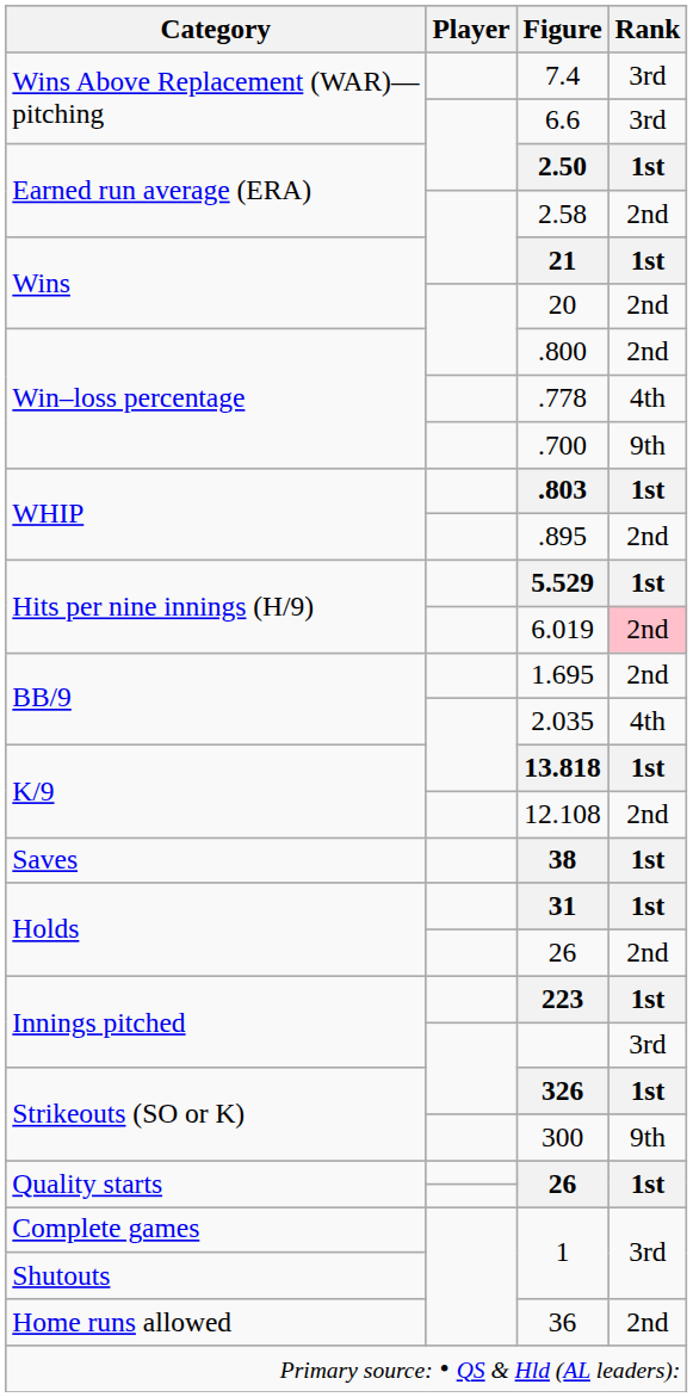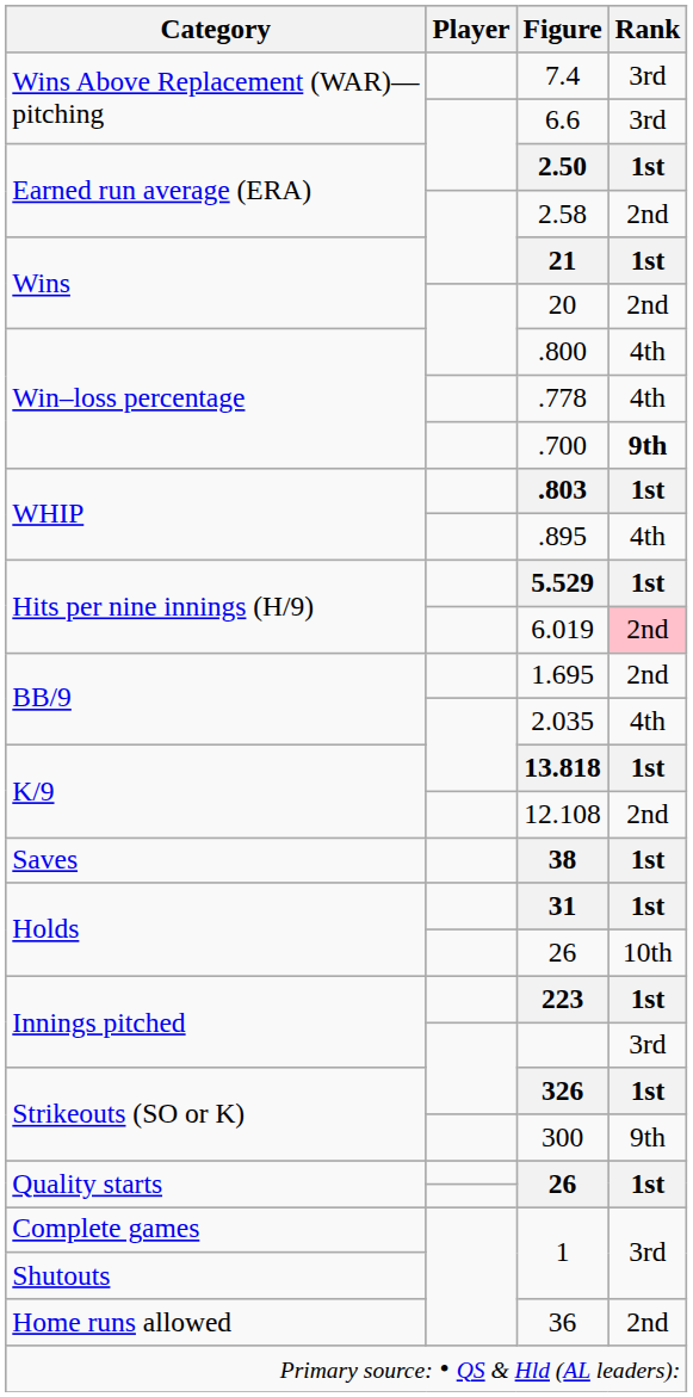 <table class="wikitable sortable sticky-header" border="1" style="font-size: 90%">
 <tr>
 <th>Category</th>
 <th>Player</th>
 <th>Figure</th>
 <th>Rank</th>
 </tr>
 <tr>
 <td rowspan="2"><a href='#'>Wins Above Replacement</a> (WAR)—<br>pitching</td>
 <td></td>
 <td align="center">7.4</td>
 <td align="center">3rd</td>
 </tr>
 <tr>
 <td rowspan="2"></td>
 <td align="center">6.6</td>
 <td align="center">3rd</td>
 </tr>
 <tr>
 <td rowspan="2"><a href='#'>Earned run average</a> (ERA)</td>
 <th align="center">2.50</th>
 <th align="center">1st</th>
 </tr>
 <tr>
 <td rowspan="2"></td>
 <td align="center">2.58</td>
 <td align="center">2nd</td>
 </tr>
 <tr>
 <td rowspan="2"><a href='#'>Wins</a></td>
 <th align="center">21</th>
 <th align="center">1st</th>
 </tr>
 <tr>
 <td rowspan="2"></td>
 <td align="center">20</td>
 <td align="center">2nd</td>
 </tr>
 <tr>
 <td rowspan="3"><a href='#'>Win–loss percentage</a></td>
 <td align="center">.800</td>
-<td align="center">2nd</td>
+<td align="center">4th</td>
 </tr>
 <tr>
 <td></td>
 <td align="center">.778</td>
 <td align="center">4th</td>
 </tr>
 <tr>
 <td></td>
 <td align="center">.700</td>
-<td align="center">9th</td>
+<td align="center"><strong>9th</strong></td>
 </tr>
 <tr>
 <td rowspan="2"><a href='#'>WHIP</a></td>
 <td></td>
 <th align="center">.803</th>
 <th align="center">1st</th>
 </tr>
 <tr>
 <td></td>
 <td align="center">.895</td>
-<td align="center">2nd</td>
+<td align="center">4th</td>
 </tr>
 <tr>
 <td rowspan="2"><a href='#'>Hits per nine innings</a> (H/9)</td>
 <td></td>
 <th align="center">5.529</th>
 <th align="center">1st</th>
 </tr>
 <tr>
 <td></td>
 <td align="center">6.019</td>
 <td align="center" style="background: pink;">2nd</td>
 </tr>
 <tr>
 <td rowspan="2"><a href='#'>BB/9</a></td>
 <td></td>
 <td align="center">1.695</td>
 <td align="center">2nd</td>
 </tr>
 <tr>
 <td rowspan="2"></td>
 <td align="center">2.035</td>
 <td align="center">4th</td>
 </tr>
 <tr>
 <td rowspan="2"><a href='#'>K/9</a></td>
 <th align="center">13.818</th>
 <th align="center">1st</th>
 </tr>
 <tr>
 <td></td>
 <td align="center">12.108</td>
 <td align="center">2nd</td>
 </tr>
 <tr>
 <td><a href='#'>Saves</a></td>
 <td></td>
 <th align="center">38</th>
 <th align="center">1st</th>
 </tr>
 <tr>
 <td rowspan="2"><a href='#'>Holds</a></td>
 <td></td>
 <th align="center">31</th>
 <th align="center">1st</th>
 </tr>
 <tr>
 <td></td>
 <td align="center">26</td>
-<td align="center">2nd</td>
+<td align="center">10th</td>
 </tr>
 <tr>
 <td rowspan="2"><a href='#'>Innings pitched</a></td>
 <td></td>
 <th align="center">223</th>
 <th align="center">1st</th>
 </tr>
 <tr>
 <td rowspan="2"></td>
 <td align="center"></td>
 <td align="center">3rd</td>
 </tr>
 <tr>
 <td rowspan="2"><a href='#'>Strikeouts</a> (SO or K)</td>
 <th align="center">326</th>
 <th align="center">1st</th>
 </tr>
 <tr>
 <td></td>
 <td align="center">300</td>
 <td align="center">9th</td>
 </tr>
 <tr>
 <td rowspan="2"><a href='#'>Quality starts</a></td>
 <td></td>
 <th rowspan="2" align="center">26</th>
 <th rowspan="2" align="center">1st</th>
 </tr>
 <tr>
 <td></td>
 </tr>
 <tr>
 <td><a href='#'>Complete games</a></td>
 <td rowspan="3"></td>
 <td rowspan="2" align="center">1</td>
 <td rowspan="2" align="center">3rd</td>
 </tr>
 <tr>
 <td><a href='#'>Shutouts</a></td>
 </tr>
 <tr>
 <td><a href='#'>Home runs</a> allowed</td>
 <td align="center">36</td>
 <td align="center">2nd</td>
 </tr>
 <tr class="sortbottom">
 <td colspan="4;" align="right"><small><em>Primary source:</em></small> • <small><em><a href='#'>QS</a> & <a href='#'>Hld</a> (<a href='#'>AL</a> leaders):</em></small></td>
 </tr>
 </table>
